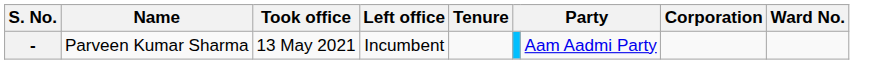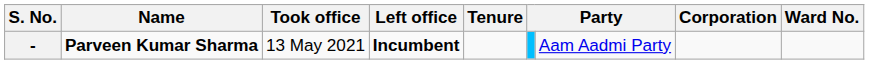 <table class="wikitable" style="text-align:center">
 <tr>
 <th>S. No.</th>
 <th>Name</th>
 <th>Took office</th>
 <th>Left office</th>
 <th>Tenure</th>
 <th colspan=2>Party</th>
 <th>Corporation</th>
 <th>Ward No.</th>
 </tr>
 <tr>
 <th>-</th>
-<td>Parveen Kumar Sharma</td>
+<td><strong>Parveen Kumar Sharma</strong></td>
 <td>13 May 2021</td>
-<td>Incumbent</td>
+<td><strong>Incumbent</strong></td>
 <td></td>
 <td bgcolor=#00BFFF></td>
 <td><a href='#'>Aam Aadmi Party</a></td>
 <td></td>
 <td></td>
 </tr>
 </table>
